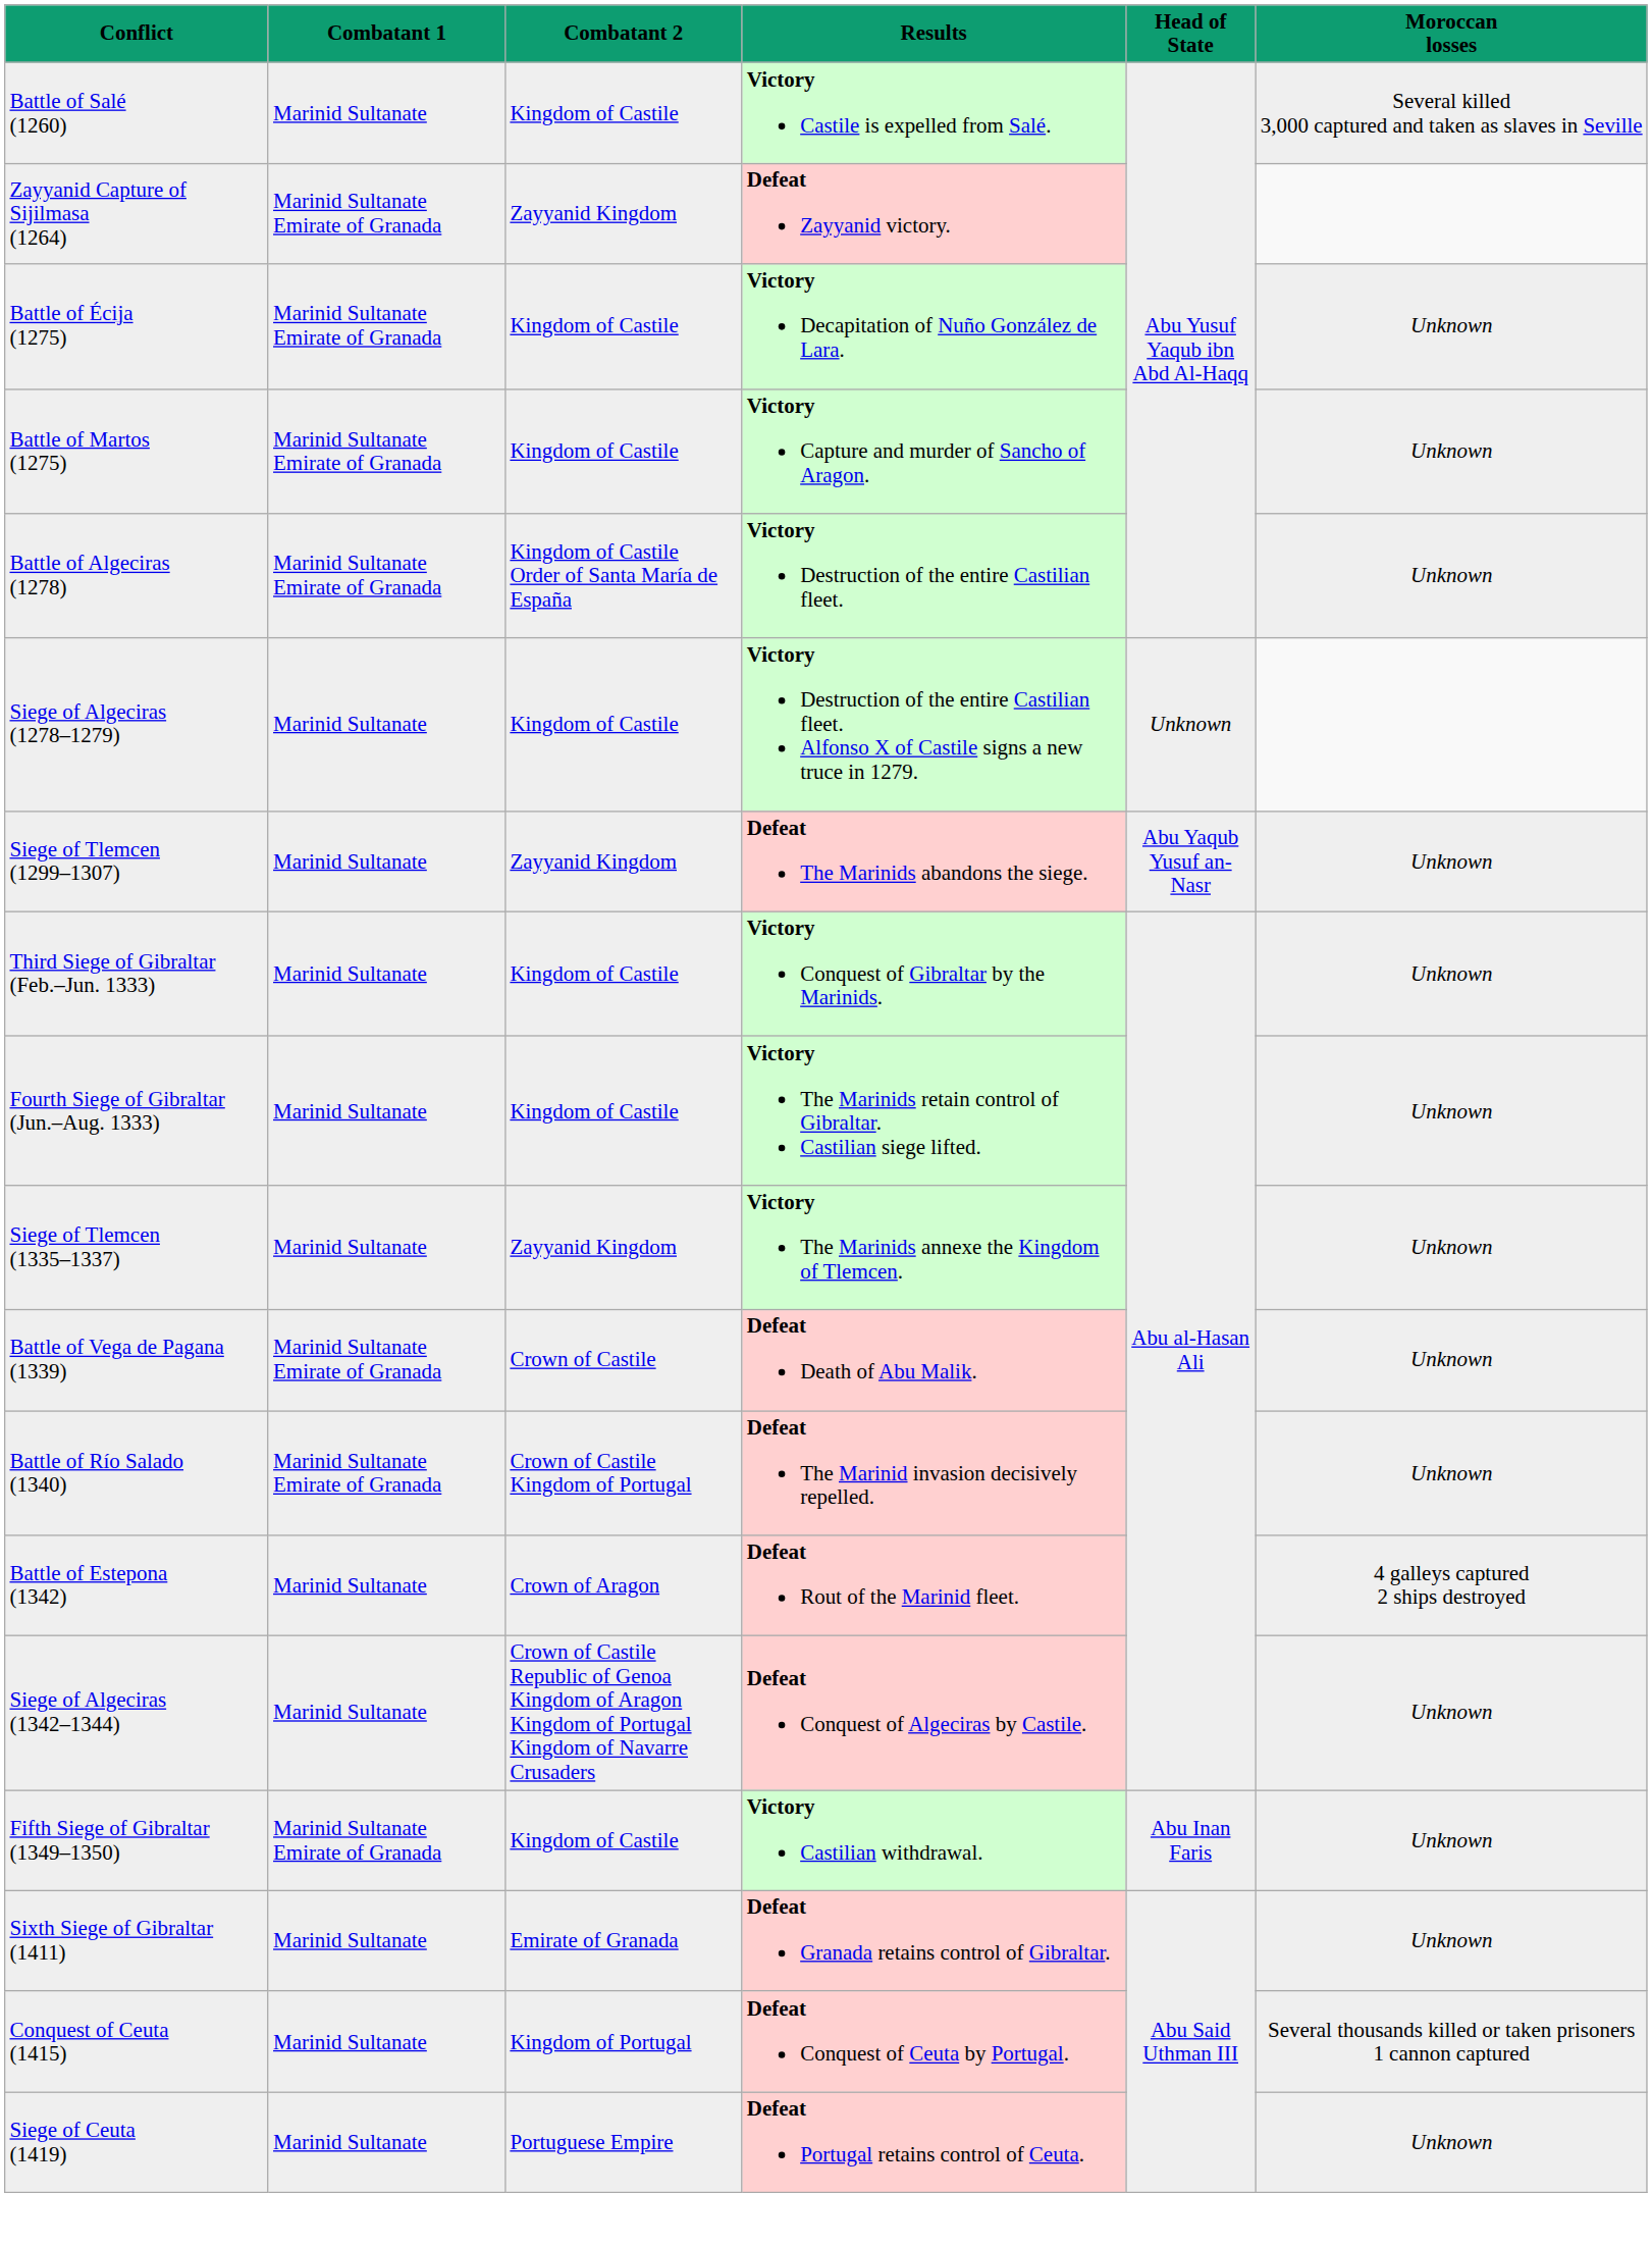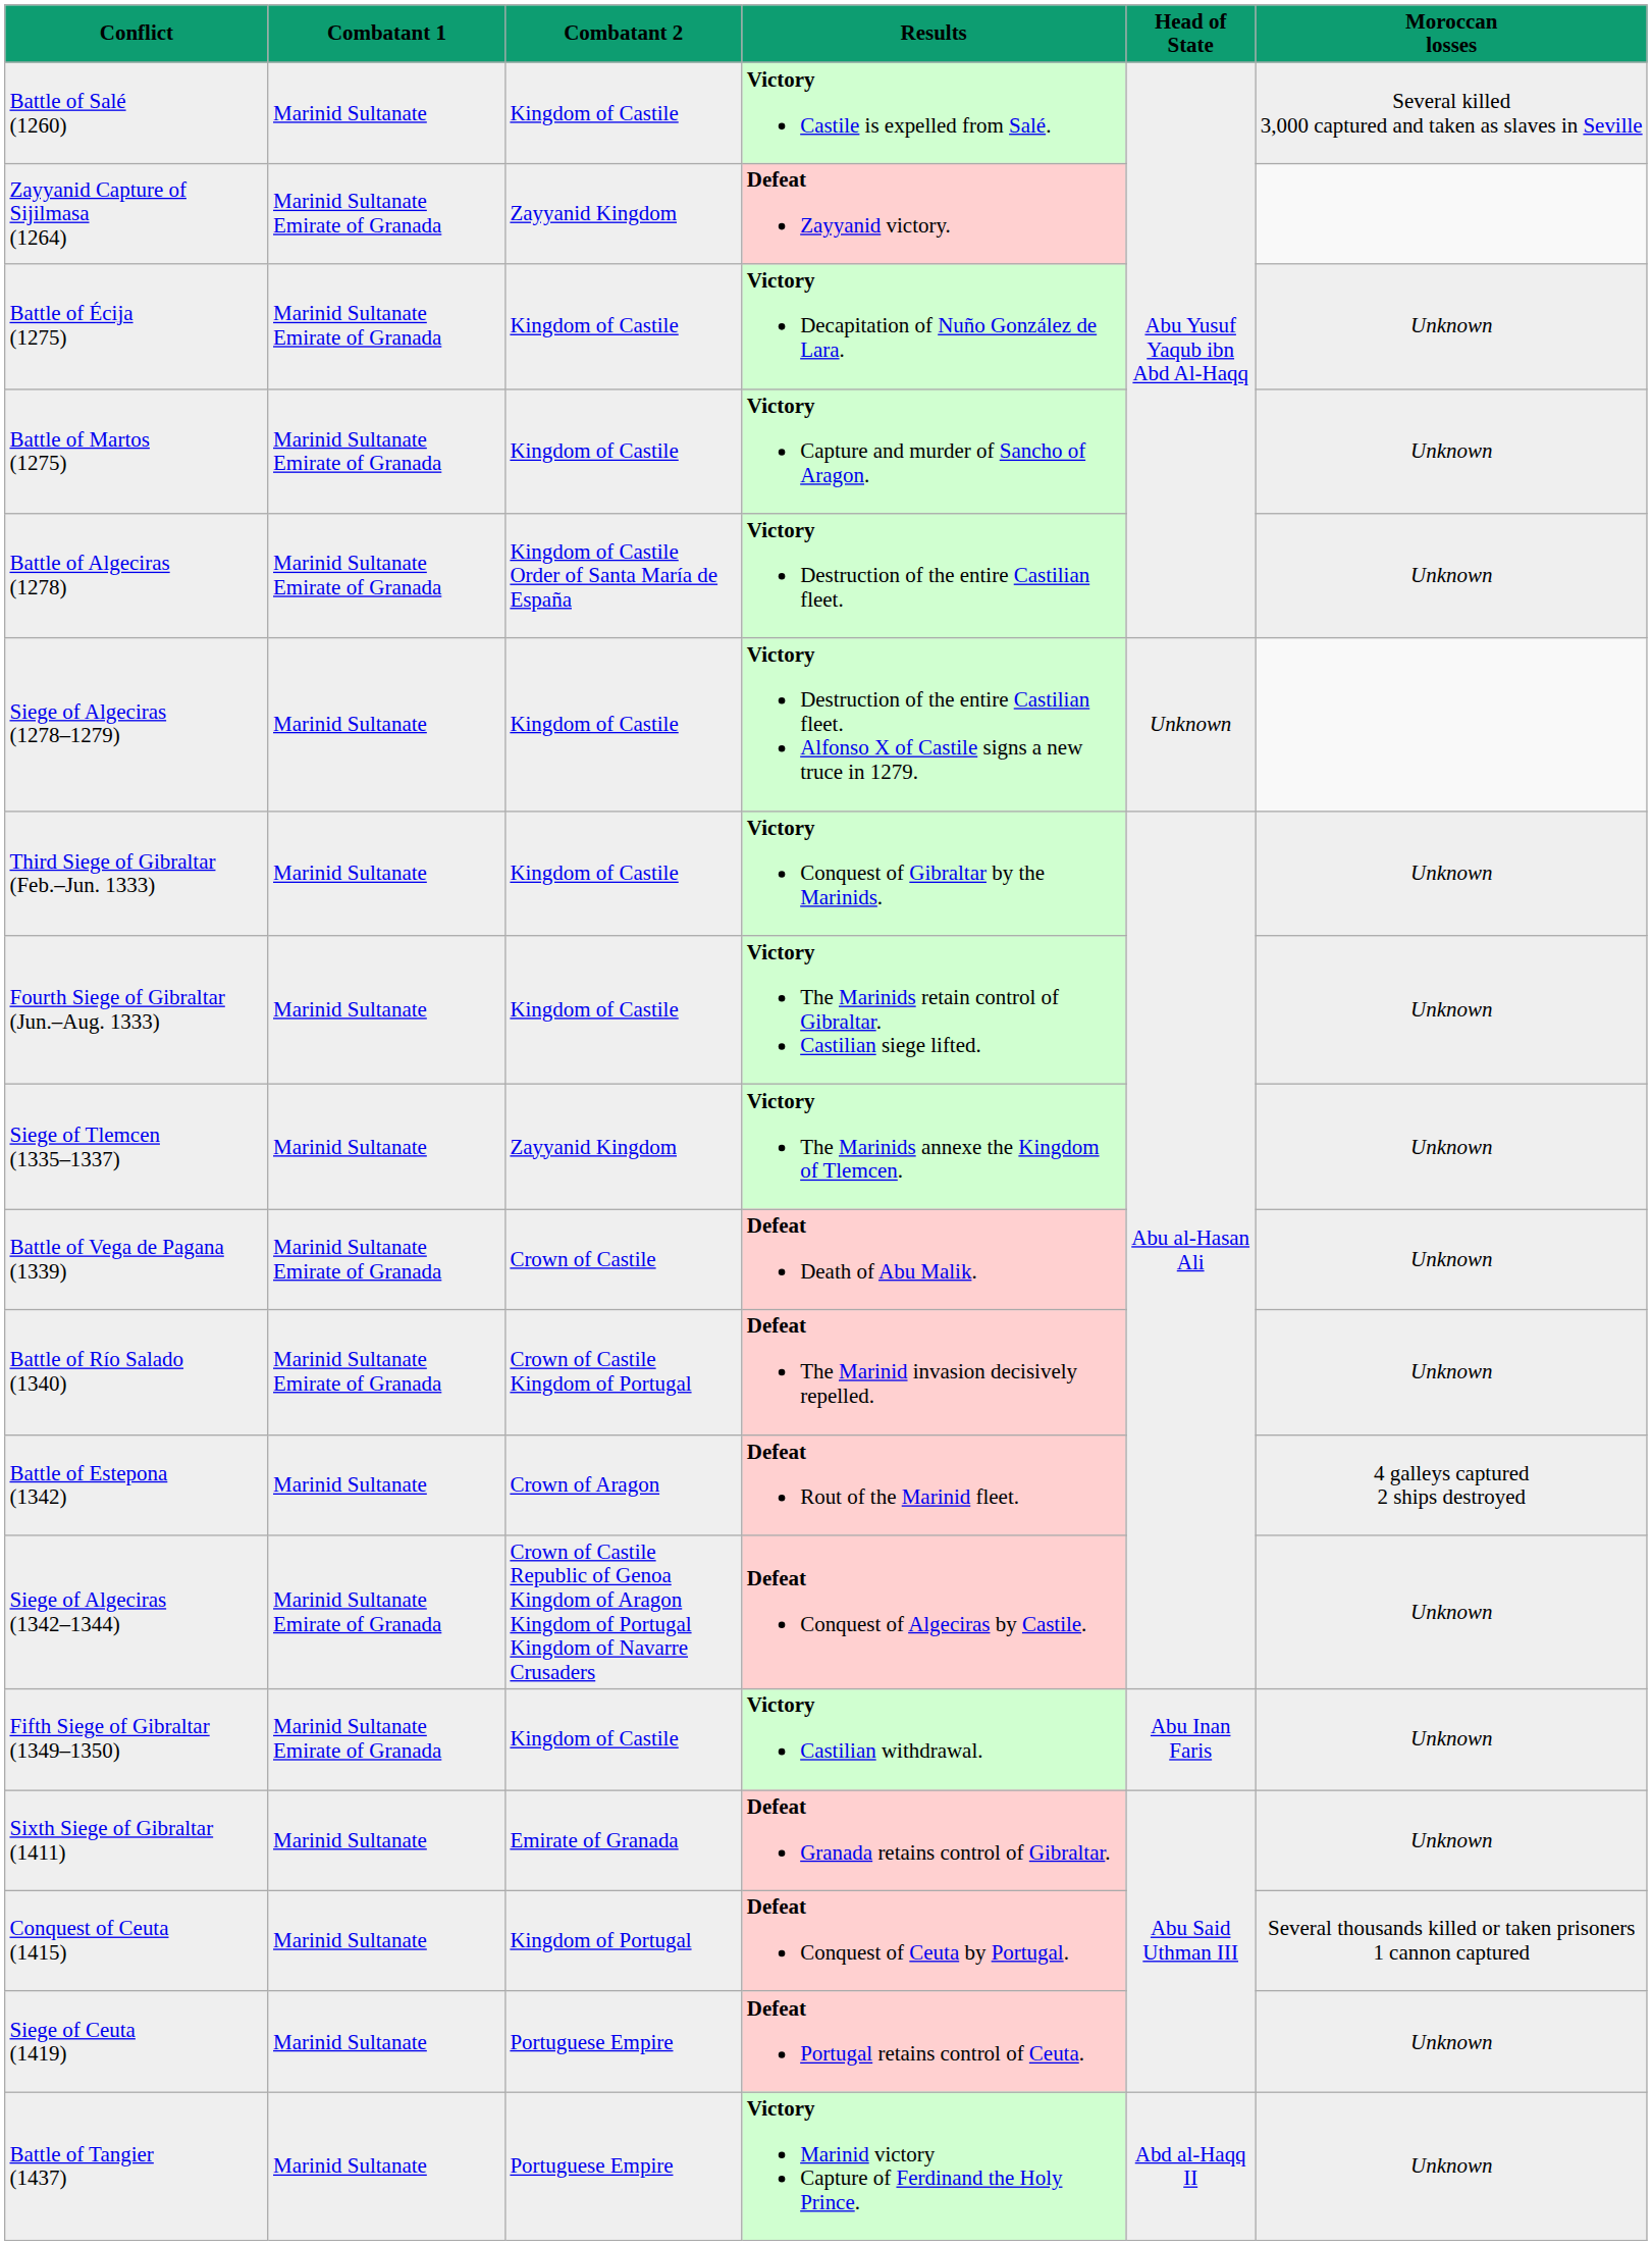 <table class="wikitable">
 <tr>
 <th style="background:#0D9D71" width="190px"><span>Conflict</span></th>
 <th style="background:#0D9D71" width="170px"><span>Combatant 1</span></th>
 <th style="background:#0D9D71" width="170px"><span>Combatant 2</span></th>
 <th style="background:#0D9D71" width="280px"><span>Results</span></th>
 <th style="background:#0D9D71" width="90px"><span>Head of State</span></th>
 <th style="background:#0D9D71"><span>Moroccan<br>losses</span></th>
 </tr>
 <tr>
 <td style="background:#efefef"><a href='#'>Battle of Salé</a><br>(1260)</td>
 <td style="background:#efefef"><a href='#'>Marinid Sultanate</a></td>
 <td style="background:#efefef"> <a href='#'>Kingdom of Castile</a></td>
 <td style="background:#D0FFD0"><strong>Victory</strong><br><ul><li><a href='#'>Castile</a> is expelled from <a href='#'>Salé</a>.</li></ul></td>
 <td rowspan="5" style="background:#efefef; text-align:center;"><a href='#'>Abu Yusuf Yaqub ibn Abd Al-Haqq</a></td>
 <td style="background:#efefef; text-align:center;">Several killed<br>3,000 captured and taken as slaves in <a href='#'>Seville</a></td>
 </tr>
 <tr>
 <td style="background:#efefef"><a href='#'>Zayyanid Capture of Sijilmasa</a><br>(1264)</td>
 <td style="background:#efefef"><a href='#'>Marinid Sultanate</a><br> <a href='#'>Emirate of Granada</a></td>
 <td style="background:#efefef"><a href='#'>Zayyanid Kingdom</a></td>
 <td style="background:#FFD0D0"><strong>Defeat</strong><br><ul><li><a href='#'>Zayyanid</a> victory.</li></ul></td>
 </tr>
 <tr>
 <td style="background:#efefef"><a href='#'>Battle of Écija</a><br>(1275)</td>
 <td style="background:#efefef"><a href='#'>Marinid Sultanate</a><br> <a href='#'>Emirate of Granada</a></td>
 <td style="background:#efefef"> <a href='#'>Kingdom of Castile</a></td>
 <td style="background:#D0FFD0"><strong>Victory</strong><br><ul><li>Decapitation of <a href='#'>Nuño González de Lara</a>.</li></ul></td>
 <td style="background:#efefef; text-align:center;"><em>Unknown</em></td>
 </tr>
 <tr>
 <td style="background:#efefef"><a href='#'>Battle of Martos</a><br>(1275)</td>
 <td style="background:#efefef"><a href='#'>Marinid Sultanate</a><br> <a href='#'>Emirate of Granada</a></td>
 <td style="background:#efefef"> <a href='#'>Kingdom of Castile</a></td>
 <td style="background:#D0FFD0"><strong>Victory</strong><br><ul><li>Capture and murder of <a href='#'>Sancho of Aragon</a>.</li></ul></td>
 <td style="background:#efefef; text-align:center;"><em>Unknown</em></td>
 </tr>
 <tr>
 <td style="background:#efefef"><a href='#'>Battle of Algeciras</a><br>(1278)</td>
 <td style="background:#efefef"><a href='#'>Marinid Sultanate</a><br> <a href='#'>Emirate of Granada</a></td>
 <td style="background:#efefef"> <a href='#'>Kingdom of Castile</a><br> <a href='#'>Order of Santa María de España</a></td>
 <td style="background:#D0FFD0"><strong>Victory</strong><br><ul><li>Destruction of the entire <a href='#'>Castilian</a> fleet.</li></ul></td>
 <td style="background:#efefef; text-align:center;"><em>Unknown</em></td>
 </tr>
 <tr>
 <td style="background:#efefef"><a href='#'>Siege of Algeciras</a><br>(1278–1279)</td>
 <td style="background:#efefef"><a href='#'>Marinid Sultanate</a></td>
 <td style="background:#efefef"> <a href='#'>Kingdom of Castile</a></td>
 <td style="background:#D0FFD0"><strong>Victory</strong><br><ul><li>Destruction of the entire <a href='#'>Castilian</a> fleet.</li><li><a href='#'>Alfonso X of Castile</a> signs a new truce in 1279.</li></ul></td>
 <td style="background:#efefef; text-align:center;"><em>Unknown</em></td>
 </tr>
 <tr>
-<td style="background:#efefef"><a href='#'>Siege of Tlemcen</a><br>(1299–1307)</td>
-<td style="background:#efefef"><a href='#'>Marinid Sultanate</a></td>
-<td style="background:#efefef"><a href='#'>Zayyanid Kingdom</a></td>
-<td style="background:#FFD0D0"><strong>Defeat</strong><br><ul><li><a href='#'>The Marinids</a> abandons the siege.</li></ul></td>
-<td style="background:#efefef; text-align:center;"><a href='#'>Abu Yaqub Yusuf an-Nasr</a></td>
-<td style="background:#efefef; text-align:center;"><em>Unknown</em></td>
-</tr>
-<tr>
 <td style="background:#efefef"><a href='#'>Third Siege of Gibraltar</a><br>(Feb.–Jun. 1333)</td>
 <td style="background:#efefef"><a href='#'>Marinid Sultanate</a></td>
 <td style="background:#efefef"> <a href='#'>Kingdom of Castile</a></td>
 <td style="background:#D0FFD0"><strong>Victory</strong><br><ul><li>Conquest of <a href='#'>Gibraltar</a> by the <a href='#'>Marinids</a>.</li></ul></td>
 <td rowspan="7" style="background:#efefef; text-align:center;"><a href='#'>Abu al-Hasan Ali</a></td>
 <td style="background:#efefef; text-align:center;"><em>Unknown</em></td>
 </tr>
 <tr>
 <td style="background:#efefef"><a href='#'>Fourth Siege of Gibraltar</a><br>(Jun.–Aug. 1333)</td>
 <td style="background:#efefef"><a href='#'>Marinid Sultanate</a></td>
 <td style="background:#efefef"> <a href='#'>Kingdom of Castile</a></td>
 <td style="background:#D0FFD0"><strong>Victory</strong><br><ul><li>The <a href='#'>Marinids</a> retain control of <a href='#'>Gibraltar</a>.</li><li><a href='#'>Castilian</a> siege lifted.</li></ul></td>
 <td style="background:#efefef; text-align:center;"><em>Unknown</em></td>
 </tr>
 <tr>
 <td style="background:#efefef"><a href='#'>Siege of Tlemcen</a><br>(1335–1337)</td>
 <td style="background:#efefef"><a href='#'>Marinid Sultanate</a></td>
 <td style="background:#efefef"><a href='#'>Zayyanid Kingdom</a></td>
 <td style="background:#D0FFD0"><strong>Victory</strong><br><ul><li>The <a href='#'>Marinids</a> annexe the <a href='#'>Kingdom of Tlemcen</a>.</li></ul></td>
 <td style="background:#efefef; text-align:center;"><em>Unknown</em></td>
 </tr>
 <tr>
 <td style="background:#efefef"><a href='#'>Battle of Vega de Pagana</a><br>(1339)</td>
 <td style="background:#efefef"><a href='#'>Marinid Sultanate</a><br> <a href='#'>Emirate of Granada</a></td>
 <td style="background:#efefef"> <a href='#'>Crown of Castile</a></td>
 <td style="background:#FFD0D0"><strong>Defeat</strong><br><ul><li>Death of <a href='#'>Abu Malik</a>.</li></ul></td>
 <td style="background:#efefef; text-align:center;"><em>Unknown</em></td>
 </tr>
 <tr>
 <td style="background:#efefef"><a href='#'>Battle of Río Salado</a><br>(1340)</td>
 <td style="background:#efefef"><a href='#'>Marinid Sultanate</a><br> <a href='#'>Emirate of Granada</a></td>
 <td style="background:#efefef"> <a href='#'>Crown of Castile</a><br> <a href='#'>Kingdom of Portugal</a></td>
 <td style="background:#FFD0D0"><strong>Defeat</strong><br><ul><li>The <a href='#'>Marinid</a> invasion decisively repelled.</li></ul></td>
 <td style="background:#efefef; text-align:center;"><em>Unknown</em></td>
 </tr>
 <tr>
 <td style="background:#efefef"><a href='#'>Battle of Estepona</a><br>(1342)</td>
 <td style="background:#efefef"><a href='#'>Marinid Sultanate</a></td>
 <td style="background:#efefef"> <a href='#'>Crown of Aragon</a></td>
 <td style="background:#FFD0D0"><strong>Defeat</strong><br><ul><li>Rout of the <a href='#'>Marinid</a> fleet.</li></ul></td>
 <td style="background:#efefef; text-align:center;">4 galleys captured<br>2 ships destroyed</td>
 </tr>
 <tr>
 <td style="background:#efefef"><a href='#'>Siege of Algeciras</a><br>(1342–1344)</td>
-<td style="background:#efefef"><a href='#'>Marinid Sultanate</a></td>
+<td style="background:#efefef"><a href='#'>Marinid Sultanate</a><br> <a href='#'>Emirate of Granada</a></td>
 <td style="background:#efefef"> <a href='#'>Crown of Castile</a><br> <a href='#'>Republic of Genoa</a><br> <a href='#'>Kingdom of Aragon</a><br> <a href='#'>Kingdom of Portugal</a><br> <a href='#'>Kingdom of Navarre</a><br> <a href='#'>Crusaders</a></td>
 <td style="background:#FFD0D0"><strong>Defeat</strong><br><ul><li>Conquest of <a href='#'>Algeciras</a> by <a href='#'>Castile</a>.</li></ul></td>
 <td style="background:#efefef; text-align:center;"><em>Unknown</em></td>
 </tr>
 <tr>
 <td style="background:#efefef"><a href='#'>Fifth Siege of Gibraltar</a><br>(1349–1350)</td>
 <td style="background:#efefef"><a href='#'>Marinid Sultanate</a><br> <a href='#'>Emirate of Granada</a></td>
 <td style="background:#efefef"> <a href='#'>Kingdom of Castile</a></td>
 <td style="background:#D0FFD0"><strong>Victory</strong><br><ul><li><a href='#'>Castilian</a> withdrawal.</li></ul></td>
 <td rowspan="1" style="background:#efefef; text-align:center;"><a href='#'>Abu Inan Faris</a></td>
 <td style="background:#efefef; text-align:center;"><em>Unknown</em></td>
 </tr>
 <tr>
 <td style="background:#efefef"><a href='#'>Sixth Siege of Gibraltar</a><br>(1411)</td>
 <td style="background:#efefef"><a href='#'>Marinid Sultanate</a></td>
 <td style="background:#efefef"> <a href='#'>Emirate of Granada</a></td>
 <td style="background:#FFD0D0"><strong>Defeat</strong><br><ul><li><a href='#'>Granada</a> retains control of <a href='#'>Gibraltar</a>.</li></ul></td>
 <td rowspan="3" style="background:#efefef; text-align:center;"><a href='#'>Abu Said Uthman III</a></td>
 <td style="background:#efefef; text-align:center;"><em>Unknown</em></td>
 </tr>
 <tr>
 <td style="background:#efefef"><a href='#'>Conquest of Ceuta</a><br>(1415)</td>
 <td style="background:#efefef"><a href='#'>Marinid Sultanate</a></td>
 <td style="background:#efefef"> <a href='#'>Kingdom of Portugal</a></td>
 <td style="background:#FFD0D0"><strong>Defeat</strong><br><ul><li>Conquest of <a href='#'>Ceuta</a> by <a href='#'>Portugal</a>.</li></ul></td>
 <td style="background:#efefef; text-align:center;">Several thousands killed or taken prisoners<br>1 cannon captured</td>
 </tr>
 <tr>
 <td style="background:#efefef"><a href='#'>Siege of Ceuta</a><br>(1419)</td>
 <td style="background:#efefef"><a href='#'>Marinid Sultanate</a></td>
 <td style="background:#efefef"> <a href='#'>Portuguese Empire</a></td>
 <td style="background:#FFD0D0"><strong>Defeat</strong><br><ul><li><a href='#'>Portugal</a> retains control of <a href='#'>Ceuta</a>.</li></ul></td>
 <td style="background:#efefef; text-align:center;"><em>Unknown</em></td>
 </tr>
+<tr>
+<td style="background:#efefef"><a href='#'>Battle of Tangier</a><br>(1437)</td>
+<td style="background:#efefef"><a href='#'>Marinid Sultanate</a></td>
+<td style="background:#efefef"> <a href='#'>Portuguese Empire</a></td>
+<td style="background:#D0FFD0"><strong>Victory</strong><br><ul><li><a href='#'>Marinid</a> victory</li><li>Capture of <a href='#'>Ferdinand the Holy Prince</a>.</li></ul></td>
+<td style="background:#efefef; text-align:center;"><a href='#'>Abd al-Haqq II</a></td>
+<td style="background:#efefef; text-align:center;"><em>Unknown</em></td>
+</tr>
 </table>
